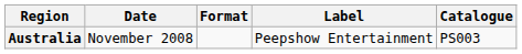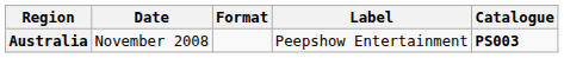 <table class="wikitable plainrowheaders">
 <tr>
 <th scope="col">Region</th>
 <th scope="col">Date</th>
 <th scope="col">Format</th>
 <th scope="col">Label</th>
 <th scope="col">Catalogue</th>
 </tr>
 <tr>
 <th scope="row" rowspan="2">Australia</th>
 <td>November 2008</td>
 <td></td>
 <td>Peepshow Entertainment</td>
-<td>PS003</td>
+<td><strong>PS003</strong></td>
 </tr>
 </table>
